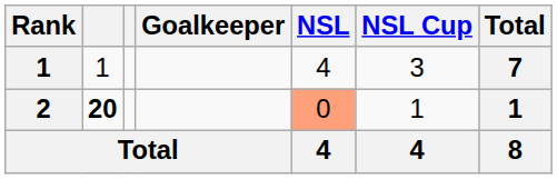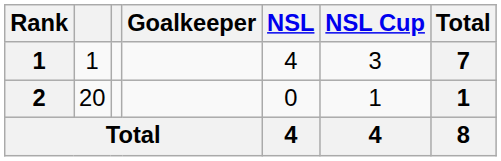 <table class="wikitable sortable" style="text-align:center">
 <tr>
 <th>Rank</th>
 <th></th>
 <th></th>
 <th>Goalkeeper</th>
 <th><a href='#'>NSL</a></th>
 <th><a href='#'>NSL Cup</a></th>
 <th>Total</th>
 </tr>
 <tr>
 <th>1</th>
 <td>1</td>
 <td></td>
 <td align="left"></td>
 <td>4</td>
 <td>3</td>
 <th>7</th>
 </tr>
 <tr>
 <th>2</th>
-<td><strong>20</strong></td>
+<td>20</td>
 <td></td>
 <td align="left"></td>
-<td style="background: lightsalmon;">0</td>
+<td>0</td>
 <td>1</td>
 <th>1</th>
 </tr>
 <tr>
 <th colspan="4">Total</th>
 <th>4</th>
 <th>4</th>
 <th>8</th>
 </tr>
 </table>
